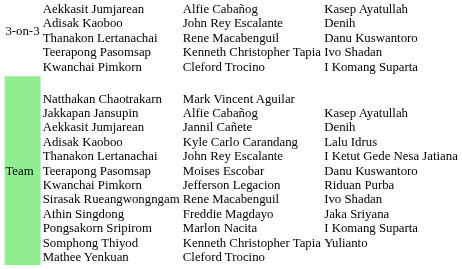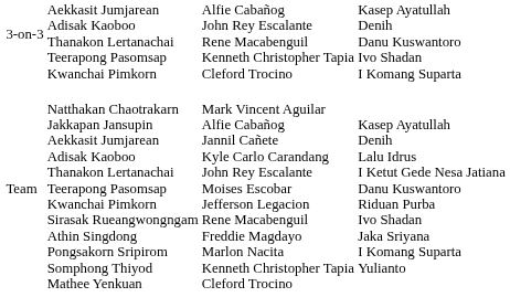 <table>
 <tr>
 <td>3-on-3</td>
 <td nowrap=true><br>Aekkasit Jumjarean<br>Adisak Kaoboo<br>Thanakon Lertanachai<br>Teerapong Pasomsap<br>Kwanchai Pimkorn</td>
 <td nowrap=true><br>Alfie Cabañog<br>John Rey Escalante<br>Rene Macabenguil<br>Kenneth Christopher Tapia<br>Cleford Trocino</td>
 <td nowrap=true><br>Kasep Ayatullah<br>Denih<br>Danu Kuswantoro<br>Ivo Shadan<br>I Komang Suparta</td>
 </tr>
 <tr>
-<td style="background: lightgreen;">Team</td>
+<td>Team</td>
 <td nowrap=true><br>Natthakan Chaotrakarn<br>Jakkapan Jansupin<br>Aekkasit Jumjarean<br>Adisak Kaoboo<br>Thanakon Lertanachai<br>Teerapong Pasomsap<br>Kwanchai Pimkorn<br>Sirasak Rueangwongngam<br>Athin Singdong<br>Pongsakorn Sripirom<br>Somphong Thiyod<br>Mathee Yenkuan</td>
 <td nowrap=true><br>Mark Vincent Aguilar<br>Alfie Cabañog<br>Jannil Cañete<br>Kyle Carlo Carandang<br>John Rey Escalante<br>Moises Escobar<br>Jefferson Legacion<br>Rene Macabenguil<br>Freddie Magdayo<br>Marlon Nacita<br>Kenneth Christopher Tapia<br>Cleford Trocino</td>
 <td nowrap=true><br>Kasep Ayatullah<br>Denih<br>Lalu Idrus<br>I Ketut Gede Nesa Jatiana<br>Danu Kuswantoro<br>Riduan Purba<br>Ivo Shadan<br>Jaka Sriyana<br>I Komang Suparta<br>Yulianto</td>
 </tr>
 </table>
